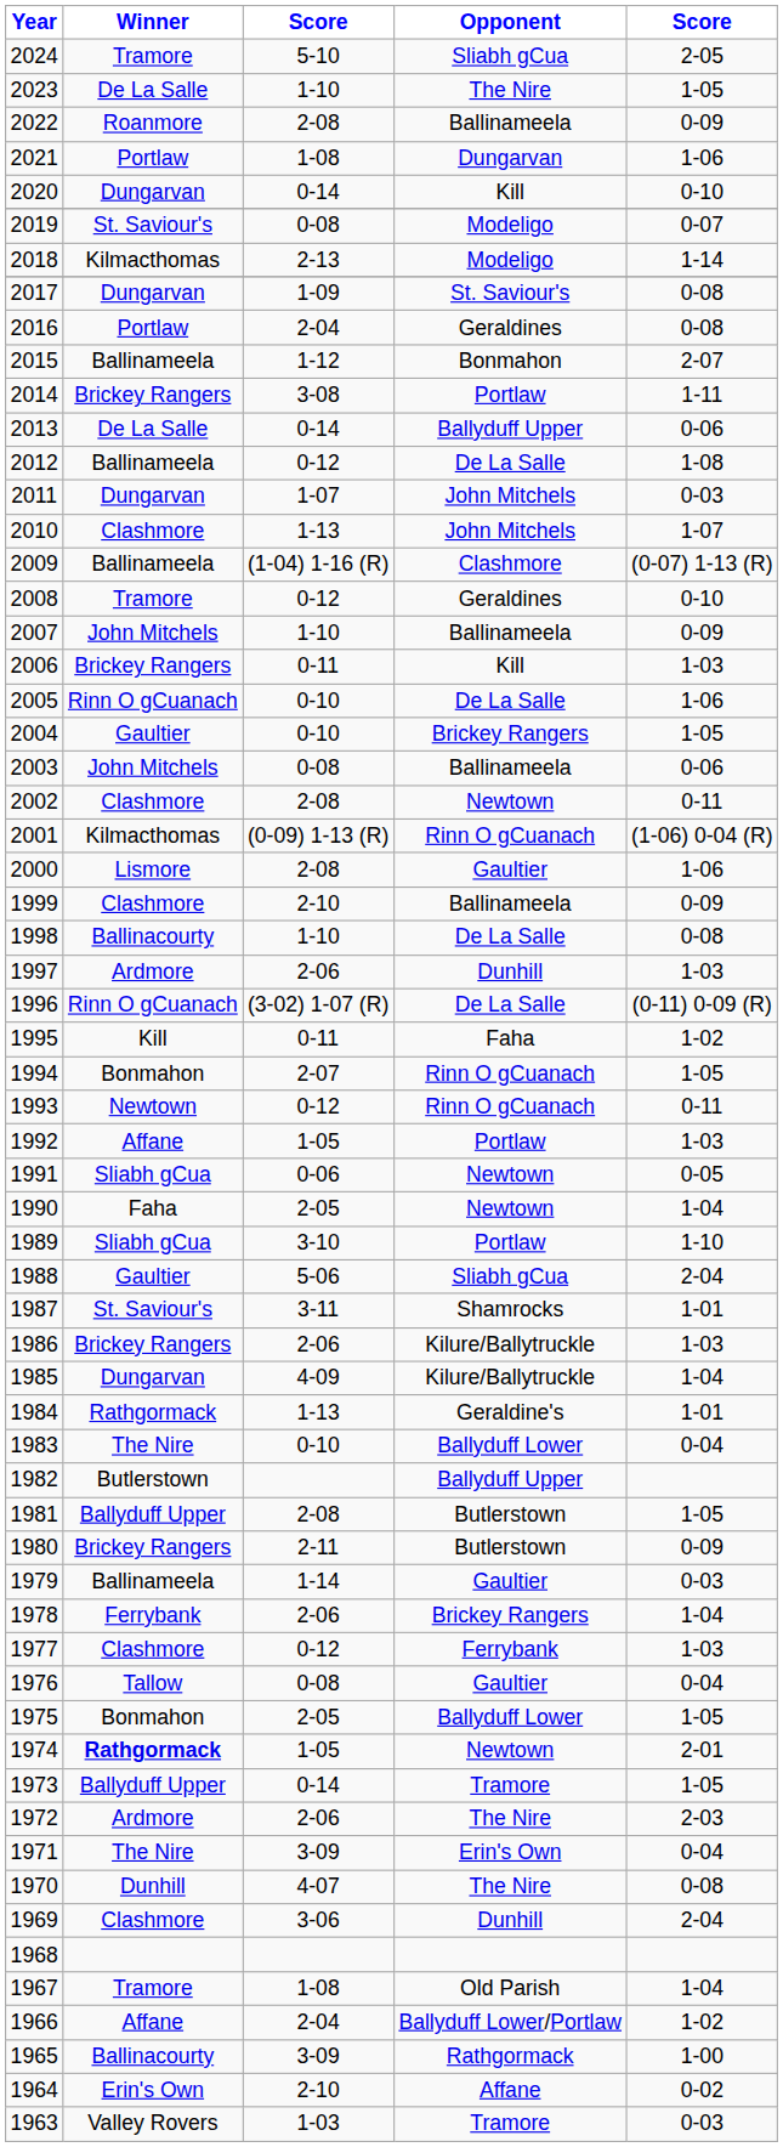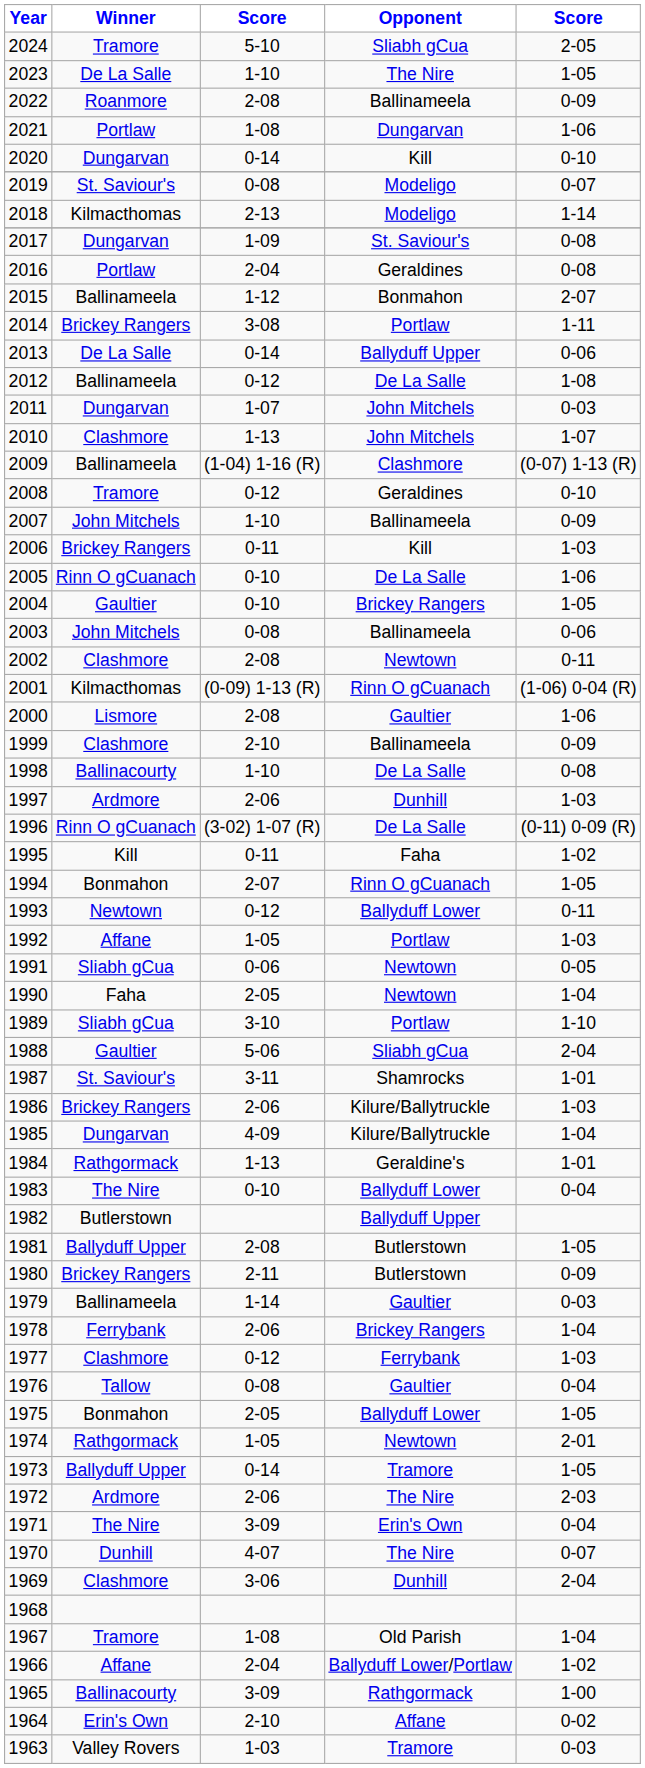 <table class="wikitable" style="text-align:center;">
 <tr>
 <th style="background:white;color:blue;">Year</th>
 <th style="background:white;color:blue;">Winner</th>
 <th style="background:white;color:blue;">Score</th>
 <th style="background:white;color:blue;">Opponent</th>
 <th style="background:white;color:blue;">Score</th>
 </tr>
 <tr>
 <td>2024</td>
 <td><a href='#'>Tramore</a></td>
 <td>5-10</td>
 <td><a href='#'>Sliabh gCua</a></td>
 <td>2-05</td>
 </tr>
 <tr>
 <td>2023</td>
 <td><a href='#'>De La Salle</a></td>
 <td>1-10</td>
 <td><a href='#'>The Nire</a></td>
 <td>1-05</td>
 </tr>
 <tr>
 <td>2022</td>
 <td><a href='#'>Roanmore</a></td>
 <td>2-08</td>
 <td>Ballinameela</td>
 <td>0-09</td>
 </tr>
 <tr>
 <td>2021</td>
 <td><a href='#'>Portlaw</a></td>
 <td>1-08</td>
 <td><a href='#'>Dungarvan</a></td>
 <td>1-06</td>
 </tr>
 <tr>
 <td>2020</td>
 <td><a href='#'>Dungarvan</a></td>
 <td>0-14</td>
 <td>Kill</td>
 <td>0-10</td>
 </tr>
 <tr>
 </tr>
 <tr>
 <td>2019</td>
 <td><a href='#'>St. Saviour's</a></td>
 <td>0-08</td>
 <td><a href='#'>Modeligo</a></td>
 <td>0-07</td>
 </tr>
 <tr>
 <td>2018</td>
 <td>Kilmacthomas</td>
 <td>2-13</td>
 <td><a href='#'>Modeligo</a></td>
 <td>1-14</td>
 </tr>
 <tr>
 </tr>
 <tr>
 <td>2017</td>
 <td><a href='#'>Dungarvan</a></td>
 <td>1-09</td>
 <td><a href='#'>St. Saviour's</a></td>
 <td>0-08</td>
 </tr>
 <tr>
 <td>2016</td>
 <td><a href='#'>Portlaw</a></td>
 <td>2-04</td>
 <td>Geraldines</td>
 <td>0-08</td>
 </tr>
 <tr>
 <td>2015</td>
 <td>Ballinameela</td>
 <td>1-12</td>
 <td>Bonmahon</td>
 <td>2-07</td>
 </tr>
 <tr>
 <td>2014</td>
 <td><a href='#'>Brickey Rangers</a></td>
 <td>3-08</td>
 <td><a href='#'>Portlaw</a></td>
 <td>1-11</td>
 </tr>
 <tr>
 <td>2013</td>
 <td><a href='#'>De La Salle</a></td>
 <td>0-14</td>
 <td><a href='#'>Ballyduff Upper</a></td>
 <td>0-06</td>
 </tr>
 <tr>
 <td>2012</td>
 <td>Ballinameela</td>
 <td>0-12</td>
 <td><a href='#'>De La Salle</a></td>
 <td>1-08</td>
 </tr>
 <tr>
 <td>2011</td>
 <td><a href='#'>Dungarvan</a></td>
 <td>1-07</td>
 <td><a href='#'>John Mitchels</a></td>
 <td>0-03</td>
 </tr>
 <tr>
 <td>2010</td>
 <td><a href='#'>Clashmore</a></td>
 <td>1-13</td>
 <td><a href='#'>John Mitchels</a></td>
 <td>1-07</td>
 </tr>
 <tr>
 <td>2009</td>
 <td>Ballinameela</td>
 <td>(1-04) 1-16 (R)</td>
 <td><a href='#'>Clashmore</a></td>
 <td>(0-07) 1-13 (R)</td>
 </tr>
 <tr>
 <td>2008</td>
 <td><a href='#'>Tramore</a></td>
 <td>0-12</td>
 <td>Geraldines</td>
 <td>0-10</td>
 </tr>
 <tr>
 <td>2007</td>
 <td><a href='#'>John Mitchels</a></td>
 <td>1-10</td>
 <td>Ballinameela</td>
 <td>0-09</td>
 </tr>
 <tr>
 <td>2006</td>
 <td><a href='#'>Brickey Rangers</a></td>
 <td>0-11</td>
 <td>Kill</td>
 <td>1-03</td>
 </tr>
 <tr>
 <td>2005</td>
 <td><a href='#'>Rinn O gCuanach</a></td>
 <td>0-10</td>
 <td><a href='#'>De La Salle</a></td>
 <td>1-06</td>
 </tr>
 <tr>
 <td>2004</td>
 <td><a href='#'>Gaultier</a></td>
 <td>0-10</td>
 <td><a href='#'>Brickey Rangers</a></td>
 <td>1-05</td>
 </tr>
 <tr>
 <td>2003</td>
 <td><a href='#'>John Mitchels</a></td>
 <td>0-08</td>
 <td>Ballinameela</td>
 <td>0-06</td>
 </tr>
 <tr>
 <td>2002</td>
 <td><a href='#'>Clashmore</a></td>
 <td>2-08</td>
 <td><a href='#'>Newtown</a></td>
 <td>0-11</td>
 </tr>
 <tr>
 <td>2001</td>
 <td>Kilmacthomas</td>
 <td>(0-09) 1-13 (R)</td>
 <td><a href='#'>Rinn O gCuanach</a></td>
 <td>(1-06) 0-04 (R)</td>
 </tr>
 <tr>
 <td>2000</td>
 <td><a href='#'>Lismore</a></td>
 <td>2-08</td>
 <td><a href='#'>Gaultier</a></td>
 <td>1-06</td>
 </tr>
 <tr>
 <td>1999</td>
 <td><a href='#'>Clashmore</a></td>
 <td>2-10</td>
 <td>Ballinameela</td>
 <td>0-09</td>
 </tr>
 <tr>
 <td>1998</td>
 <td><a href='#'>Ballinacourty</a></td>
 <td>1-10</td>
 <td><a href='#'>De La Salle</a></td>
 <td>0-08</td>
 </tr>
 <tr>
 <td>1997</td>
 <td><a href='#'>Ardmore</a></td>
 <td>2-06</td>
 <td><a href='#'>Dunhill</a></td>
 <td>1-03</td>
 </tr>
 <tr>
 <td>1996</td>
 <td><a href='#'>Rinn O gCuanach</a></td>
 <td>(3-02) 1-07 (R)</td>
 <td><a href='#'>De La Salle</a></td>
 <td>(0-11) 0-09 (R)</td>
 </tr>
 <tr>
 <td>1995</td>
 <td>Kill</td>
 <td>0-11</td>
 <td>Faha</td>
 <td>1-02</td>
 </tr>
 <tr>
 <td>1994</td>
 <td>Bonmahon</td>
 <td>2-07</td>
 <td><a href='#'>Rinn O gCuanach</a></td>
 <td>1-05</td>
 </tr>
 <tr>
 <td>1993</td>
 <td><a href='#'>Newtown</a></td>
 <td>0-12</td>
-<td><a href='#'>Rinn O gCuanach</a></td>
+<td><a href='#'>Ballyduff Lower</a></td>
 <td>0-11</td>
 </tr>
 <tr>
 <td>1992</td>
 <td><a href='#'>Affane</a></td>
 <td>1-05</td>
 <td><a href='#'>Portlaw</a></td>
 <td>1-03</td>
 </tr>
 <tr>
 <td>1991</td>
 <td><a href='#'>Sliabh gCua</a></td>
 <td>0-06</td>
 <td><a href='#'>Newtown</a></td>
 <td>0-05</td>
 </tr>
 <tr>
 <td>1990</td>
 <td>Faha</td>
 <td>2-05</td>
 <td><a href='#'>Newtown</a></td>
 <td>1-04</td>
 </tr>
 <tr>
 <td>1989</td>
 <td><a href='#'>Sliabh gCua</a></td>
 <td>3-10</td>
 <td><a href='#'>Portlaw</a></td>
 <td>1-10</td>
 </tr>
 <tr>
 <td>1988</td>
 <td><a href='#'>Gaultier</a></td>
 <td>5-06</td>
 <td><a href='#'>Sliabh gCua</a></td>
 <td>2-04</td>
 </tr>
 <tr>
 <td>1987</td>
 <td><a href='#'>St. Saviour's</a></td>
 <td>3-11</td>
 <td>Shamrocks</td>
 <td>1-01</td>
 </tr>
 <tr>
 <td>1986</td>
 <td><a href='#'>Brickey Rangers</a></td>
 <td>2-06</td>
 <td>Kilure/Ballytruckle</td>
 <td>1-03</td>
 </tr>
 <tr>
 <td>1985</td>
 <td><a href='#'>Dungarvan</a></td>
 <td>4-09</td>
 <td>Kilure/Ballytruckle</td>
 <td>1-04</td>
 </tr>
 <tr>
 <td>1984</td>
 <td><a href='#'>Rathgormack</a></td>
 <td>1-13</td>
 <td>Geraldine's</td>
 <td>1-01</td>
 </tr>
 <tr>
 <td>1983</td>
 <td><a href='#'>The Nire</a></td>
 <td>0-10</td>
 <td><a href='#'>Ballyduff Lower</a></td>
 <td>0-04</td>
 </tr>
 <tr>
 <td>1982</td>
 <td>Butlerstown</td>
 <td></td>
 <td><a href='#'>Ballyduff Upper</a></td>
 <td></td>
 </tr>
 <tr>
 <td>1981</td>
 <td><a href='#'>Ballyduff Upper</a></td>
 <td>2-08</td>
 <td>Butlerstown</td>
 <td>1-05</td>
 </tr>
 <tr>
 <td>1980</td>
 <td><a href='#'>Brickey Rangers</a></td>
 <td>2-11</td>
 <td>Butlerstown</td>
 <td>0-09</td>
 </tr>
 <tr>
 <td>1979</td>
 <td>Ballinameela</td>
 <td>1-14</td>
 <td><a href='#'>Gaultier</a></td>
 <td>0-03</td>
 </tr>
 <tr>
 <td>1978</td>
 <td><a href='#'>Ferrybank</a></td>
 <td>2-06</td>
 <td><a href='#'>Brickey Rangers</a></td>
 <td>1-04</td>
 </tr>
 <tr>
 <td>1977</td>
 <td><a href='#'>Clashmore</a></td>
 <td>0-12</td>
 <td><a href='#'>Ferrybank</a></td>
 <td>1-03</td>
 </tr>
 <tr>
 <td>1976</td>
 <td><a href='#'>Tallow</a></td>
 <td>0-08</td>
 <td><a href='#'>Gaultier</a></td>
 <td>0-04</td>
 </tr>
 <tr>
 <td>1975</td>
 <td>Bonmahon</td>
 <td>2-05</td>
 <td><a href='#'>Ballyduff Lower</a></td>
 <td>1-05</td>
 </tr>
 <tr>
 <td>1974</td>
-<td><strong><a href='#'>Rathgormack</a></strong></td>
+<td><a href='#'>Rathgormack</a></td>
 <td>1-05</td>
 <td><a href='#'>Newtown</a></td>
 <td>2-01</td>
 </tr>
 <tr>
 <td>1973</td>
 <td><a href='#'>Ballyduff Upper</a></td>
 <td>0-14</td>
 <td><a href='#'>Tramore</a></td>
 <td>1-05</td>
 </tr>
 <tr>
 <td>1972</td>
 <td><a href='#'>Ardmore</a></td>
 <td>2-06</td>
 <td><a href='#'>The Nire</a></td>
 <td>2-03</td>
 </tr>
 <tr>
 <td>1971</td>
 <td><a href='#'>The Nire</a></td>
 <td>3-09</td>
 <td><a href='#'>Erin's Own</a></td>
 <td>0-04</td>
 </tr>
 <tr>
 <td>1970</td>
 <td><a href='#'>Dunhill</a></td>
 <td>4-07</td>
 <td><a href='#'>The Nire</a></td>
-<td>0-08</td>
+<td>0-07</td>
 </tr>
 <tr>
 <td>1969</td>
 <td><a href='#'>Clashmore</a></td>
 <td>3-06</td>
 <td><a href='#'>Dunhill</a></td>
 <td>2-04</td>
 </tr>
 <tr>
 <td>1968</td>
 <td></td>
 <td></td>
 <td></td>
 <td></td>
 </tr>
 <tr>
 <td>1967</td>
 <td><a href='#'>Tramore</a></td>
 <td>1-08</td>
 <td>Old Parish</td>
 <td>1-04</td>
 </tr>
 <tr>
 <td>1966</td>
 <td><a href='#'>Affane</a></td>
 <td>2-04</td>
 <td><a href='#'>Ballyduff Lower</a>/<a href='#'>Portlaw</a></td>
 <td>1-02</td>
 </tr>
 <tr>
 <td>1965</td>
 <td><a href='#'>Ballinacourty</a></td>
 <td>3-09</td>
 <td><a href='#'>Rathgormack</a></td>
 <td>1-00</td>
 </tr>
 <tr>
 <td>1964</td>
 <td><a href='#'>Erin's Own</a></td>
 <td>2-10</td>
 <td><a href='#'>Affane</a></td>
 <td>0-02</td>
 </tr>
 <tr>
 <td>1963</td>
 <td>Valley Rovers</td>
 <td>1-03</td>
 <td><a href='#'>Tramore</a></td>
 <td>0-03</td>
 </tr>
 </table>
